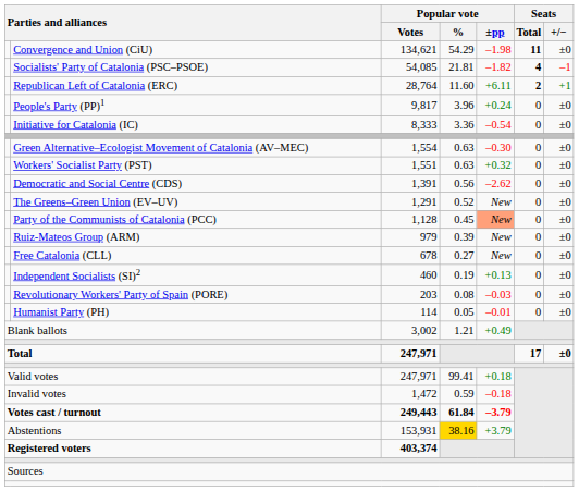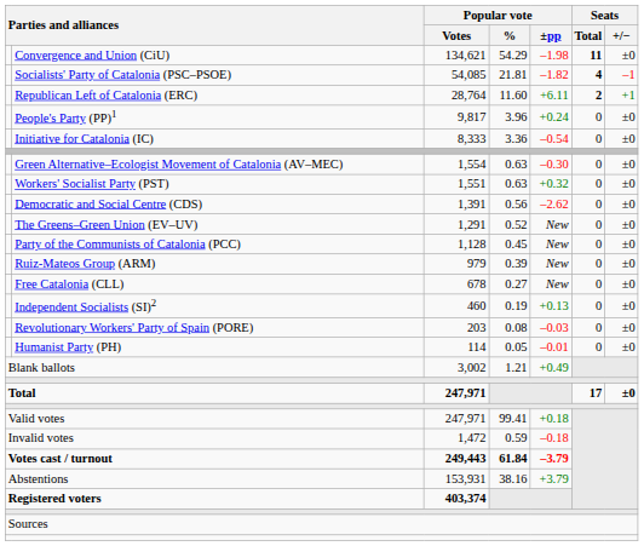 <table class="wikitable" style="text-align:right;">
 <tr>
 <th style="text-align:left;" rowspan="2" colspan="2" width="525">Parties and alliances</th>
 <th colspan="3">Popular vote</th>
 <th colspan="2">Seats</th>
 </tr>
 <tr>
 <th width="75">Votes</th>
 <th width="45">%</th>
 <th width="45">±<a href='#'>pp</a></th>
 <th width="35">Total</th>
 <th width="35">+/−</th>
 </tr>
 <tr>
 <td width="1" style="color:inherit;background:"></td>
 <td align="left"><a href='#'>Convergence and Union</a> (CiU)</td>
 <td>134,621</td>
 <td>54.29</td>
 <td style="color:red;">–1.98</td>
 <td><strong>11</strong></td>
 <td>±0</td>
 </tr>
 <tr>
 <td style="color:inherit;background:"></td>
 <td align="left"><a href='#'>Socialists' Party of Catalonia</a> (PSC–PSOE)</td>
 <td>54,085</td>
 <td>21.81</td>
 <td style="color:red;">–1.82</td>
 <td><strong>4</strong></td>
 <td style="color:red;">–1</td>
 </tr>
 <tr>
 <td style="color:inherit;background:"></td>
 <td align="left"><a href='#'>Republican Left of Catalonia</a> (ERC)</td>
 <td>28,764</td>
 <td>11.60</td>
 <td style="color:green;">+6.11</td>
 <td><strong>2</strong></td>
 <td style="color:green;">+1</td>
 </tr>
 <tr>
 <td style="color:inherit;background:"></td>
 <td align="left"><a href='#'>People's Party</a> (PP)<sup>1</sup></td>
 <td>9,817</td>
 <td>3.96</td>
 <td style="color:green;">+0.24</td>
 <td>0</td>
 <td>±0</td>
 </tr>
 <tr>
 <td style="color:inherit;background:"></td>
 <td align="left"><a href='#'>Initiative for Catalonia</a> (IC)</td>
 <td>8,333</td>
 <td>3.36</td>
 <td style="color:red;">–0.54</td>
 <td>0</td>
 <td>±0</td>
 </tr>
 <tr>
 <td colspan="7" bgcolor="#C0C0C0"></td>
 </tr>
 <tr>
 <td style="color:inherit;background:"></td>
 <td align="left"><a href='#'>Green Alternative–Ecologist Movement of Catalonia</a> (AV–MEC)</td>
 <td>1,554</td>
 <td>0.63</td>
 <td style="color:red;">–0.30</td>
 <td>0</td>
 <td>±0</td>
 </tr>
 <tr>
 <td style="color:inherit;background:"></td>
 <td align="left"><a href='#'>Workers' Socialist Party</a> (PST)</td>
 <td>1,551</td>
 <td>0.63</td>
 <td style="color:green;">+0.32</td>
 <td>0</td>
 <td>±0</td>
 </tr>
 <tr>
 <td style="color:inherit;background:"></td>
 <td align="left"><a href='#'>Democratic and Social Centre</a> (CDS)</td>
 <td>1,391</td>
 <td>0.56</td>
 <td style="color:red;">–2.62</td>
 <td>0</td>
 <td>±0</td>
 </tr>
 <tr>
 <td style="color:inherit;background:"></td>
 <td align="left"><a href='#'>The Greens–Green Union</a> (EV–UV)</td>
 <td>1,291</td>
 <td>0.52</td>
 <td><em>New</em></td>
 <td>0</td>
 <td>±0</td>
 </tr>
 <tr>
 <td style="color:inherit;background:"></td>
 <td align="left"><a href='#'>Party of the Communists of Catalonia</a> (PCC)</td>
 <td>1,128</td>
 <td>0.45</td>
-<td style="background: lightsalmon;"><em>New</em></td>
+<td><em>New</em></td>
 <td>0</td>
 <td>±0</td>
 </tr>
 <tr>
 <td style="color:inherit;background:"></td>
 <td align="left"><a href='#'>Ruiz-Mateos Group</a> (ARM)</td>
 <td>979</td>
 <td>0.39</td>
 <td><em>New</em></td>
 <td>0</td>
 <td>±0</td>
 </tr>
 <tr>
 <td style="color:inherit;background:"></td>
 <td align="left"><a href='#'>Free Catalonia</a> (CLL)</td>
 <td>678</td>
 <td>0.27</td>
 <td><em>New</em></td>
 <td>0</td>
 <td>±0</td>
 </tr>
 <tr>
 <td style="color:inherit;background:"></td>
 <td align="left"><a href='#'>Independent Socialists</a> (SI)<sup>2</sup></td>
 <td>460</td>
 <td>0.19</td>
 <td style="color:green;">+0.13</td>
 <td>0</td>
 <td>±0</td>
 </tr>
 <tr>
 <td style="color:inherit;background:"></td>
 <td align="left"><a href='#'>Revolutionary Workers' Party of Spain</a> (PORE)</td>
 <td>203</td>
 <td>0.08</td>
 <td style="color:red;">–0.03</td>
 <td>0</td>
 <td>±0</td>
 </tr>
 <tr>
 <td style="color:inherit;background:"></td>
 <td align="left"><a href='#'>Humanist Party</a> (PH)</td>
 <td>114</td>
 <td>0.05</td>
 <td style="color:red;">–0.01</td>
 <td>0</td>
 <td>±0</td>
 </tr>
 <tr>
 <td align="left" colspan="2">Blank ballots</td>
 <td>3,002</td>
 <td>1.21</td>
 <td style="color:green;">+0.49</td>
 <td bgcolor="#E9E9E9" colspan="2"></td>
 </tr>
 <tr>
 <td colspan="7" bgcolor="#E9E9E9"></td>
 </tr>
 <tr style="font-weight:bold;">
 <td align="left" colspan="2">Total</td>
 <td>247,971</td>
 <td bgcolor="#E9E9E9" colspan="2"></td>
 <td>17</td>
 <td>±0</td>
 </tr>
 <tr>
 <td colspan="7" bgcolor="#E9E9E9"></td>
 </tr>
 <tr>
 <td align="left" colspan="2">Valid votes</td>
 <td>247,971</td>
 <td>99.41</td>
 <td style="color:green;">+0.18</td>
 <td bgcolor="#E9E9E9" colspan="2" rowspan="5"></td>
 </tr>
 <tr>
 <td align="left" colspan="2">Invalid votes</td>
 <td>1,472</td>
 <td>0.59</td>
 <td style="color:red;">–0.18</td>
 </tr>
 <tr style="font-weight:bold;">
 <td align="left" colspan="2">Votes cast / turnout</td>
 <td>249,443</td>
 <td>61.84</td>
 <td style="color:red;">–3.79</td>
 </tr>
 <tr>
 <td align="left" colspan="2">Abstentions</td>
 <td>153,931</td>
-<td style="background: gold;">38.16</td>
+<td>38.16</td>
 <td style="color:green;">+3.79</td>
 </tr>
 <tr style="font-weight:bold;">
 <td align="left" colspan="2">Registered voters</td>
 <td>403,374</td>
 <td bgcolor="#E9E9E9" colspan="2"></td>
 </tr>
 <tr>
 <td colspan="7" bgcolor="#E9E9E9"></td>
 </tr>
 <tr>
 <td align="left" colspan="7">Sources</td>
 </tr>
 <tr>
 <td colspan="7" style="text-align:left; max-width:790px;"></td>
 </tr>
 </table>
